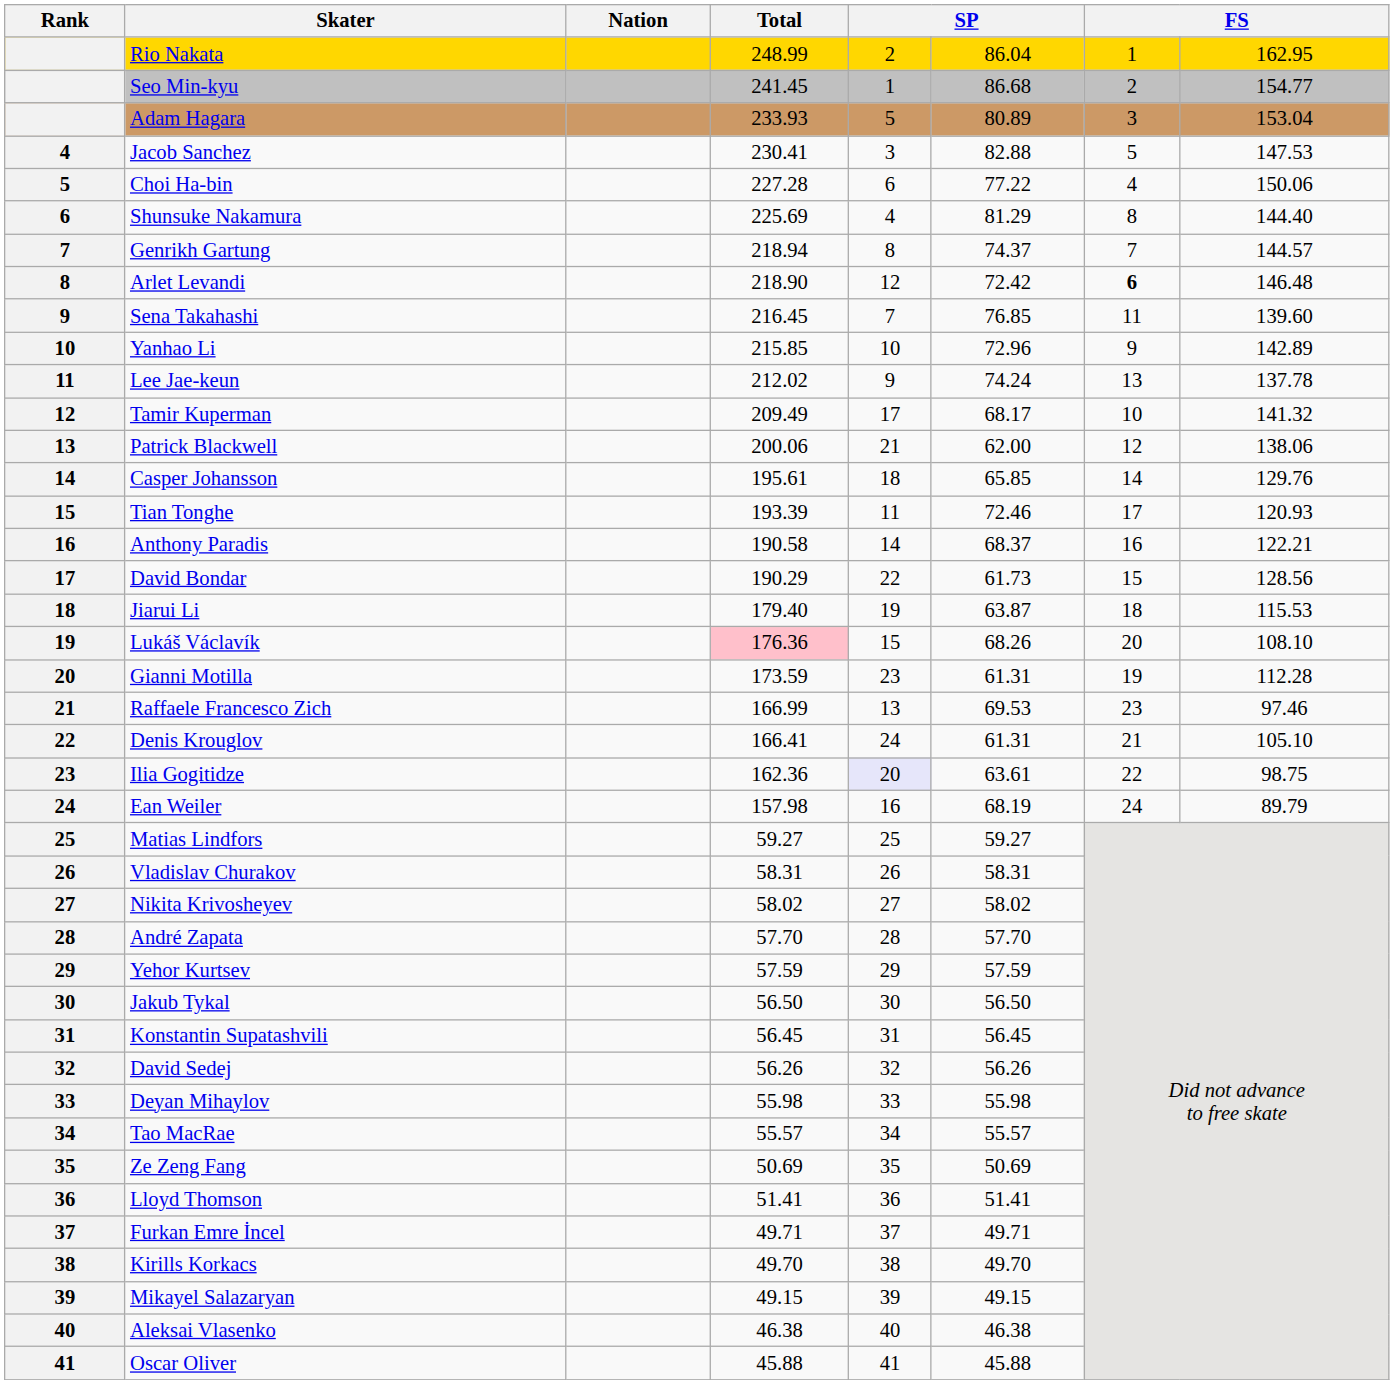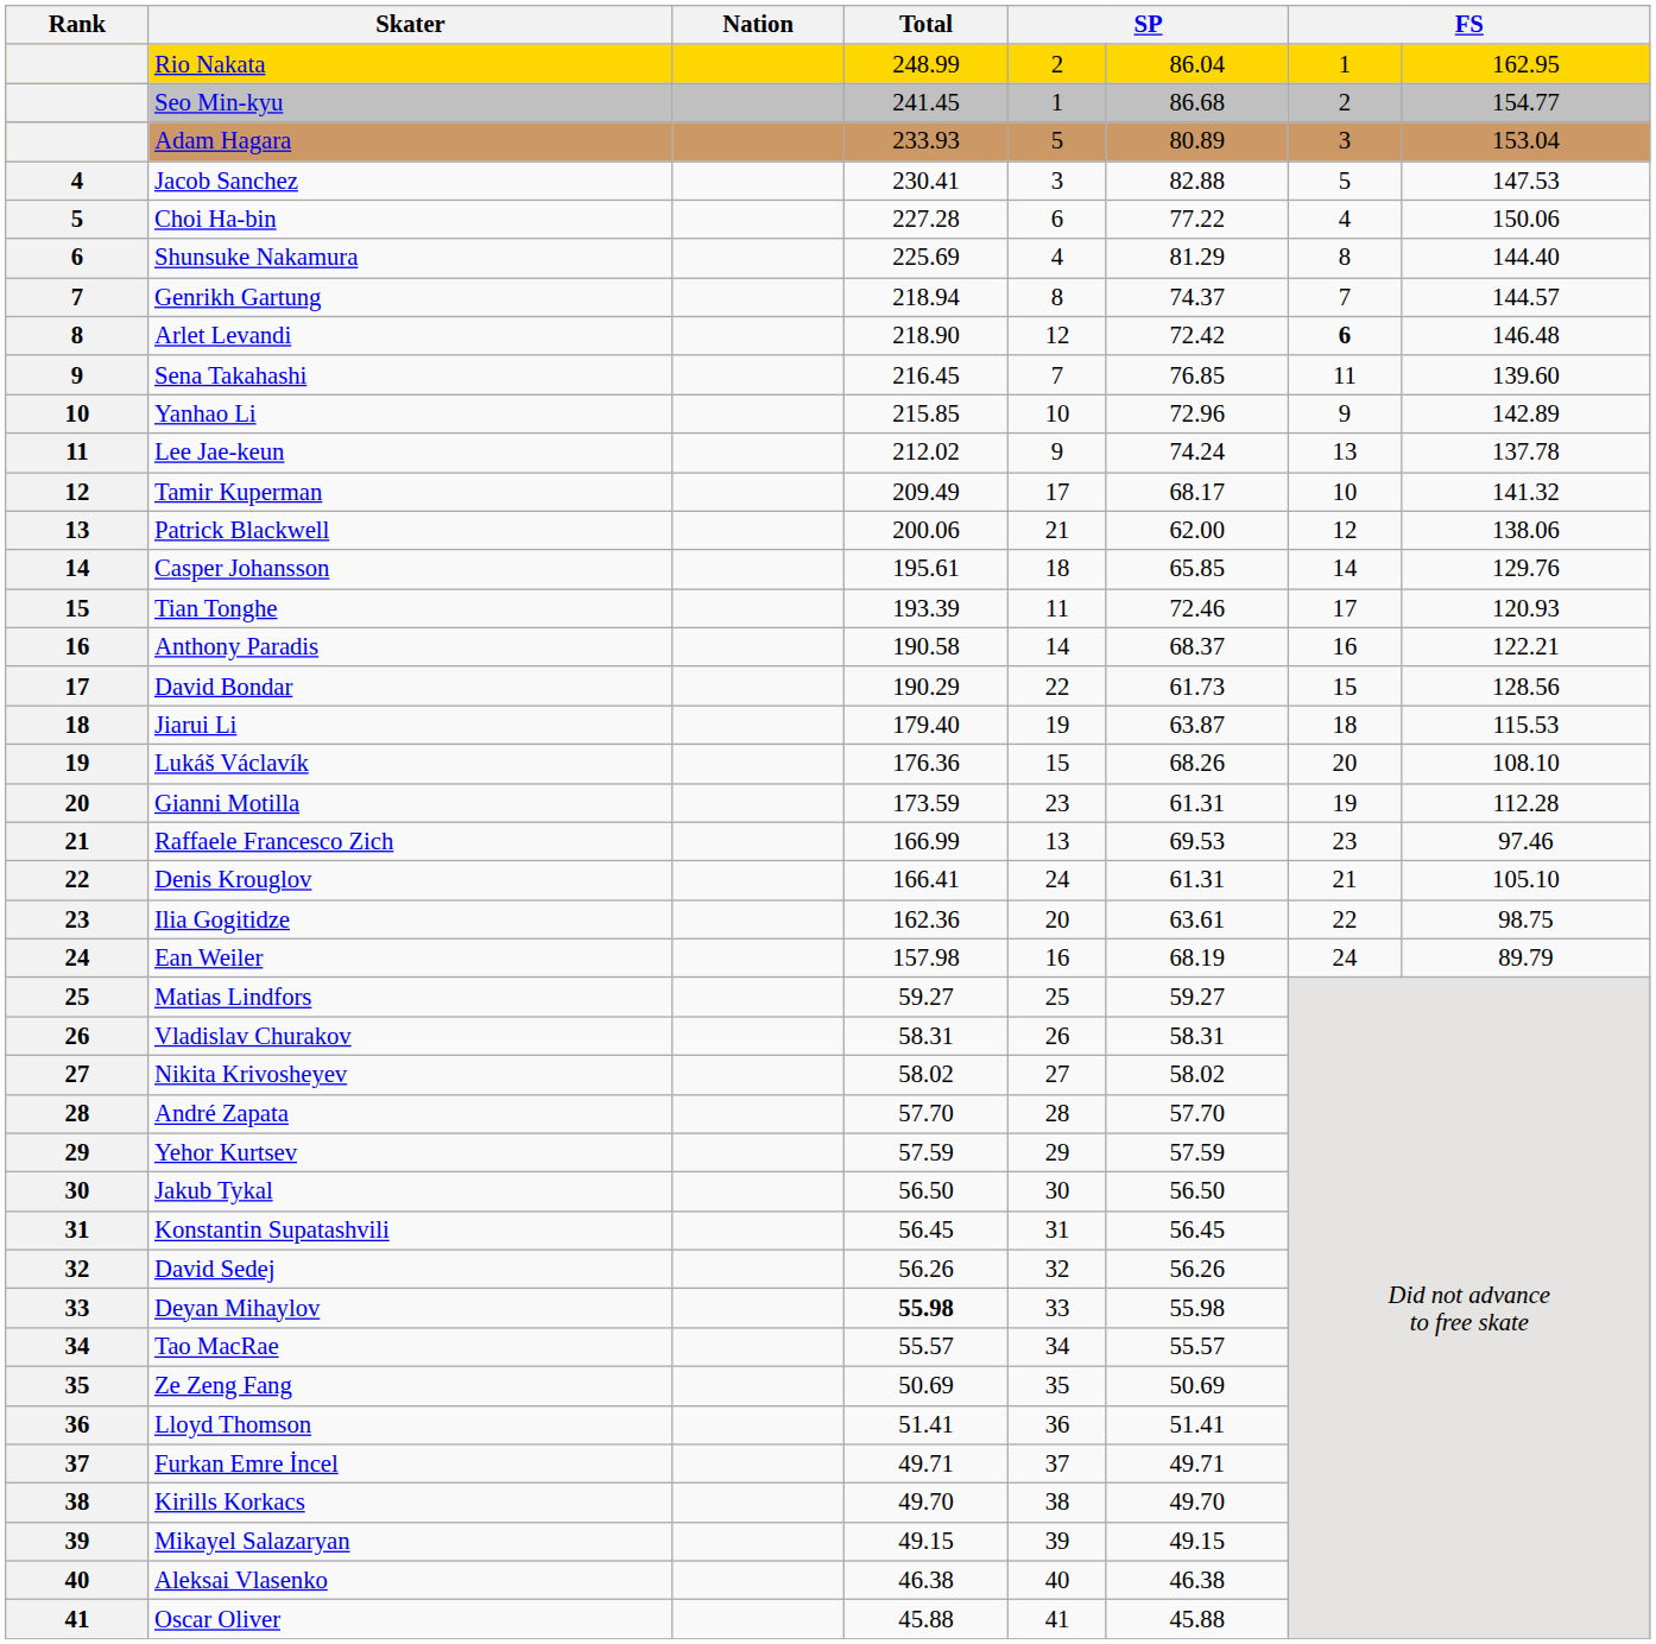 <table class="wikitable sortable" style="text-align:center; width:85%">
 <tr>
 <th scope="col">Rank</th>
 <th scope="col">Skater</th>
 <th scope="col">Nation</th>
 <th scope="col">Total</th>
 <th colspan="2" width="80px"><a href='#'>SP</a></th>
 <th colspan="2" width="80px"><a href='#'>FS</a></th>
 </tr>
 <tr bgcolor="gold">
 <th scope="row"></th>
 <td align="left"><a href='#'>Rio Nakata</a></td>
 <td align="left"></td>
 <td>248.99</td>
 <td>2</td>
 <td>86.04</td>
 <td>1</td>
 <td>162.95</td>
 </tr>
 <tr bgcolor="silver">
 <th scope="row"></th>
 <td align="left"><a href='#'>Seo Min-kyu</a></td>
 <td align="left"></td>
 <td>241.45</td>
 <td>1</td>
 <td>86.68</td>
 <td>2</td>
 <td>154.77</td>
 </tr>
 <tr bgcolor="#cc9966">
 <th scope="row"></th>
 <td align="left"><a href='#'>Adam Hagara</a></td>
 <td align="left"></td>
 <td>233.93</td>
 <td>5</td>
 <td>80.89</td>
 <td>3</td>
 <td>153.04</td>
 </tr>
 <tr>
 <th scope="row">4</th>
 <td align="left"><a href='#'>Jacob Sanchez</a></td>
 <td align="left"></td>
 <td>230.41</td>
 <td>3</td>
 <td>82.88</td>
 <td>5</td>
 <td>147.53</td>
 </tr>
 <tr>
 <th scope="row">5</th>
 <td align="left"><a href='#'>Choi Ha-bin</a></td>
 <td align="left"></td>
 <td>227.28</td>
 <td>6</td>
 <td>77.22</td>
 <td>4</td>
 <td>150.06</td>
 </tr>
 <tr>
 <th scope="row">6</th>
 <td align="left"><a href='#'>Shunsuke Nakamura</a></td>
 <td align="left"></td>
 <td>225.69</td>
 <td>4</td>
 <td>81.29</td>
 <td>8</td>
 <td>144.40</td>
 </tr>
 <tr>
 <th scope="row">7</th>
 <td align="left"><a href='#'>Genrikh Gartung</a></td>
 <td align="left"></td>
 <td>218.94</td>
 <td>8</td>
 <td>74.37</td>
 <td>7</td>
 <td>144.57</td>
 </tr>
 <tr>
 <th scope="row">8</th>
 <td align="left"><a href='#'>Arlet Levandi</a></td>
 <td align="left"></td>
 <td>218.90</td>
 <td>12</td>
 <td>72.42</td>
 <td><strong>6</strong></td>
 <td>146.48</td>
 </tr>
 <tr>
 <th scope="row">9</th>
 <td align="left"><a href='#'>Sena Takahashi</a></td>
 <td align="left"></td>
 <td>216.45</td>
 <td>7</td>
 <td>76.85</td>
 <td>11</td>
 <td>139.60</td>
 </tr>
 <tr>
 <th scope="row">10</th>
 <td align="left"><a href='#'>Yanhao Li</a></td>
 <td align="left"></td>
 <td>215.85</td>
 <td>10</td>
 <td>72.96</td>
 <td>9</td>
 <td>142.89</td>
 </tr>
 <tr>
 <th scope="row">11</th>
 <td align="left"><a href='#'>Lee Jae-keun</a></td>
 <td align="left"></td>
 <td>212.02</td>
 <td>9</td>
 <td>74.24</td>
 <td>13</td>
 <td>137.78</td>
 </tr>
 <tr>
 <th scope="row">12</th>
 <td align="left"><a href='#'>Tamir Kuperman</a></td>
 <td align="left"></td>
 <td>209.49</td>
 <td>17</td>
 <td>68.17</td>
 <td>10</td>
 <td>141.32</td>
 </tr>
 <tr>
 <th scope="row">13</th>
 <td align="left"><a href='#'>Patrick Blackwell</a></td>
 <td align="left"></td>
 <td>200.06</td>
 <td>21</td>
 <td>62.00</td>
 <td>12</td>
 <td>138.06</td>
 </tr>
 <tr>
 <th scope="row">14</th>
 <td align="left"><a href='#'>Casper Johansson</a></td>
 <td align="left"></td>
 <td>195.61</td>
 <td>18</td>
 <td>65.85</td>
 <td>14</td>
 <td>129.76</td>
 </tr>
 <tr>
 <th scope="row">15</th>
 <td align="left"><a href='#'>Tian Tonghe</a></td>
 <td align="left"></td>
 <td>193.39</td>
 <td>11</td>
 <td>72.46</td>
 <td>17</td>
 <td>120.93</td>
 </tr>
 <tr>
 <th scope="row">16</th>
 <td align="left"><a href='#'>Anthony Paradis</a></td>
 <td align="left"></td>
 <td>190.58</td>
 <td>14</td>
 <td>68.37</td>
 <td>16</td>
 <td>122.21</td>
 </tr>
 <tr>
 <th scope="row">17</th>
 <td align="left"><a href='#'>David Bondar</a></td>
 <td align="left"></td>
 <td>190.29</td>
 <td>22</td>
 <td>61.73</td>
 <td>15</td>
 <td>128.56</td>
 </tr>
 <tr>
 <th scope="row">18</th>
 <td align="left"><a href='#'>Jiarui Li</a></td>
 <td align="left"></td>
 <td>179.40</td>
 <td>19</td>
 <td>63.87</td>
 <td>18</td>
 <td>115.53</td>
 </tr>
 <tr>
 <th scope="row">19</th>
 <td align="left"><a href='#'>Lukáš Václavík</a></td>
 <td align="left"></td>
-<td style="background: pink;">176.36</td>
+<td>176.36</td>
 <td>15</td>
 <td>68.26</td>
 <td>20</td>
 <td>108.10</td>
 </tr>
 <tr>
 <th scope="row">20</th>
 <td align="left"><a href='#'>Gianni Motilla</a></td>
 <td align="left"></td>
 <td>173.59</td>
 <td>23</td>
 <td>61.31</td>
 <td>19</td>
 <td>112.28</td>
 </tr>
 <tr>
 <th scope="row">21</th>
 <td align="left"><a href='#'>Raffaele Francesco Zich</a></td>
 <td align="left"></td>
 <td>166.99</td>
 <td>13</td>
 <td>69.53</td>
 <td>23</td>
 <td>97.46</td>
 </tr>
 <tr>
 <th scope="row">22</th>
 <td align="left"><a href='#'>Denis Krouglov</a></td>
 <td align="left"></td>
 <td>166.41</td>
 <td>24</td>
 <td>61.31</td>
 <td>21</td>
 <td>105.10</td>
 </tr>
 <tr>
 <th scope="row">23</th>
 <td align="left"><a href='#'>Ilia Gogitidze</a></td>
 <td align="left"></td>
 <td>162.36</td>
-<td style="background: lavender;">20</td>
+<td>20</td>
 <td>63.61</td>
 <td>22</td>
 <td>98.75</td>
 </tr>
 <tr>
 <th scope="row">24</th>
 <td align="left"><a href='#'>Ean Weiler</a></td>
 <td align="left"></td>
 <td>157.98</td>
 <td>16</td>
 <td>68.19</td>
 <td>24</td>
 <td>89.79</td>
 </tr>
 <tr>
 <th scope="row">25</th>
 <td align="left"><a href='#'>Matias Lindfors</a></td>
 <td align="left"></td>
 <td>59.27</td>
 <td>25</td>
 <td>59.27</td>
 <td colspan="2" rowspan="17" bgcolor="e5e4e2"><em>Did not advance<br>to free skate</em></td>
 </tr>
 <tr>
 <th scope="row">26</th>
 <td align="left"><a href='#'>Vladislav Churakov</a></td>
 <td align="left"></td>
 <td>58.31</td>
 <td>26</td>
 <td>58.31</td>
 </tr>
 <tr>
 <th scope="row">27</th>
 <td align="left"><a href='#'>Nikita Krivosheyev</a></td>
 <td align="left"></td>
 <td>58.02</td>
 <td>27</td>
 <td>58.02</td>
 </tr>
 <tr>
 <th scope="row">28</th>
 <td align="left"><a href='#'>André Zapata</a></td>
 <td align="left"></td>
 <td>57.70</td>
 <td>28</td>
 <td>57.70</td>
 </tr>
 <tr>
 <th scope="row">29</th>
 <td align="left"><a href='#'>Yehor Kurtsev</a></td>
 <td align="left"></td>
 <td>57.59</td>
 <td>29</td>
 <td>57.59</td>
 </tr>
 <tr>
 <th scope="row">30</th>
 <td align="left"><a href='#'>Jakub Tykal</a></td>
 <td align="left"></td>
 <td>56.50</td>
 <td>30</td>
 <td>56.50</td>
 </tr>
 <tr>
 <th scope="row">31</th>
 <td align="left"><a href='#'>Konstantin Supatashvili</a></td>
 <td align="left"></td>
 <td>56.45</td>
 <td>31</td>
 <td>56.45</td>
 </tr>
 <tr>
 <th scope="row">32</th>
 <td align="left"><a href='#'>David Sedej</a></td>
 <td align="left"></td>
 <td>56.26</td>
 <td>32</td>
 <td>56.26</td>
 </tr>
 <tr>
 <th scope="row">33</th>
 <td align="left"><a href='#'>Deyan Mihaylov</a></td>
 <td align="left"></td>
-<td>55.98</td>
+<td><strong>55.98</strong></td>
 <td>33</td>
 <td>55.98</td>
 </tr>
 <tr>
 <th scope="row">34</th>
 <td align="left"><a href='#'>Tao MacRae</a></td>
 <td align="left"></td>
 <td>55.57</td>
 <td>34</td>
 <td>55.57</td>
 </tr>
 <tr>
 <th scope="row">35</th>
 <td align="left"><a href='#'>Ze Zeng Fang</a></td>
 <td align="left"></td>
 <td>50.69</td>
 <td>35</td>
 <td>50.69</td>
 </tr>
 <tr>
 <th scope="row">36</th>
 <td align="left"><a href='#'>Lloyd Thomson</a></td>
 <td align="left"></td>
 <td>51.41</td>
 <td>36</td>
 <td>51.41</td>
 </tr>
 <tr>
 <th scope="row">37</th>
 <td align="left"><a href='#'>Furkan Emre İncel</a></td>
 <td align="left"></td>
 <td>49.71</td>
 <td>37</td>
 <td>49.71</td>
 </tr>
 <tr>
 <th scope="row">38</th>
 <td align="left"><a href='#'>Kirills Korkacs</a></td>
 <td align="left"></td>
 <td>49.70</td>
 <td>38</td>
 <td>49.70</td>
 </tr>
 <tr>
 <th scope="row">39</th>
 <td align="left"><a href='#'>Mikayel Salazaryan</a></td>
 <td align="left"></td>
 <td>49.15</td>
 <td>39</td>
 <td>49.15</td>
 </tr>
 <tr>
 <th scope="row">40</th>
 <td align="left"><a href='#'>Aleksai Vlasenko</a></td>
 <td align="left"></td>
 <td>46.38</td>
 <td>40</td>
 <td>46.38</td>
 </tr>
 <tr>
 <th scope="row">41</th>
 <td align="left"><a href='#'>Oscar Oliver</a></td>
 <td align="left"></td>
 <td>45.88</td>
 <td>41</td>
 <td>45.88</td>
 </tr>
 </table>
